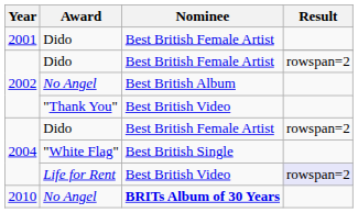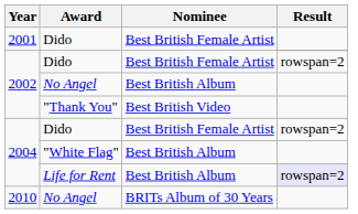 <table class="wikitable sortable">
 <tr>
 <th>Year</th>
 <th>Award</th>
 <th>Nominee</th>
 <th>Result</th>
 </tr>
 <tr>
 <td><a href='#'>2001</a></td>
 <td rowspan=2>Dido</td>
 <td rowspan=2><a href='#'>Best British Female Artist</a></td>
 <td></td>
 </tr>
 <tr>
 <td rowspan=4><a href='#'>2002</a></td>
 </tr>
 <tr>
 <td>Dido</td>
 <td><a href='#'>Best British Female Artist</a></td>
 <td>rowspan=2 </td>
 </tr>
 <tr>
 <td><em><a href='#'>No Angel</a></em></td>
 <td><a href='#'>Best British Album</a></td>
 </tr>
 <tr>
 <td>"<a href='#'>Thank You</a>"</td>
 <td><a href='#'>Best British Video</a></td>
 <td></td>
 </tr>
 <tr>
 <td rowspan="3"><a href='#'>2004</a></td>
 <td>Dido</td>
 <td><a href='#'>Best British Female Artist</a></td>
 <td>rowspan=2 </td>
 </tr>
 <tr>
 <td>"<a href='#'>White Flag</a>"</td>
-<td><a href='#'>Best British Single</a></td>
+<td><a href='#'>Best British Album</a></td>
 </tr>
 <tr>
 <td><em><a href='#'>Life for Rent</a></em></td>
-<td><a href='#'>Best British Video</a></td>
+<td><a href='#'>Best British Album</a></td>
 <td style="background: lavender;">rowspan=2 </td>
 </tr>
 <tr>
 <td><a href='#'>2010</a></td>
 <td><em><a href='#'>No Angel</a></em></td>
-<td><strong><a href='#'>BRITs Album of 30 Years</a></strong></td>
+<td><a href='#'>BRITs Album of 30 Years</a></td>
 </tr>
 </table>
